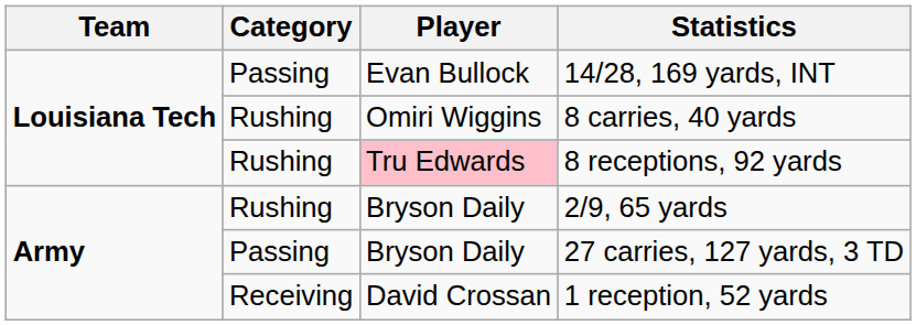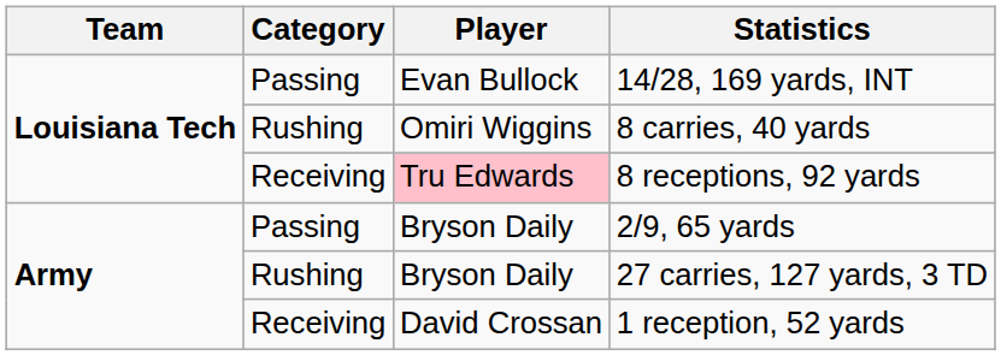 <table class="wikitable" style="float: right;">
 <tr>
 <th>Team</th>
 <th>Category</th>
 <th>Player</th>
 <th>Statistics</th>
 </tr>
 <tr>
 <td rowspan=3><strong>Louisiana Tech</strong></td>
 <td>Passing</td>
 <td>Evan Bullock</td>
 <td>14/28, 169 yards, INT</td>
 </tr>
 <tr>
 <td>Rushing</td>
 <td>Omiri Wiggins</td>
 <td>8 carries, 40 yards</td>
 </tr>
 <tr>
-<td>Rushing</td>
+<td>Receiving</td>
 <td style="background: pink;">Tru Edwards</td>
 <td>8 receptions, 92 yards</td>
 </tr>
 <tr>
 <td rowspan=3><strong>Army</strong></td>
-<td>Rushing</td>
+<td>Passing</td>
 <td>Bryson Daily</td>
 <td>2/9, 65 yards</td>
 </tr>
 <tr>
-<td>Passing</td>
+<td>Rushing</td>
 <td>Bryson Daily</td>
 <td>27 carries, 127 yards, 3 TD</td>
 </tr>
 <tr>
 <td>Receiving</td>
 <td>David Crossan</td>
 <td>1 reception, 52 yards</td>
 </tr>
 </table>
